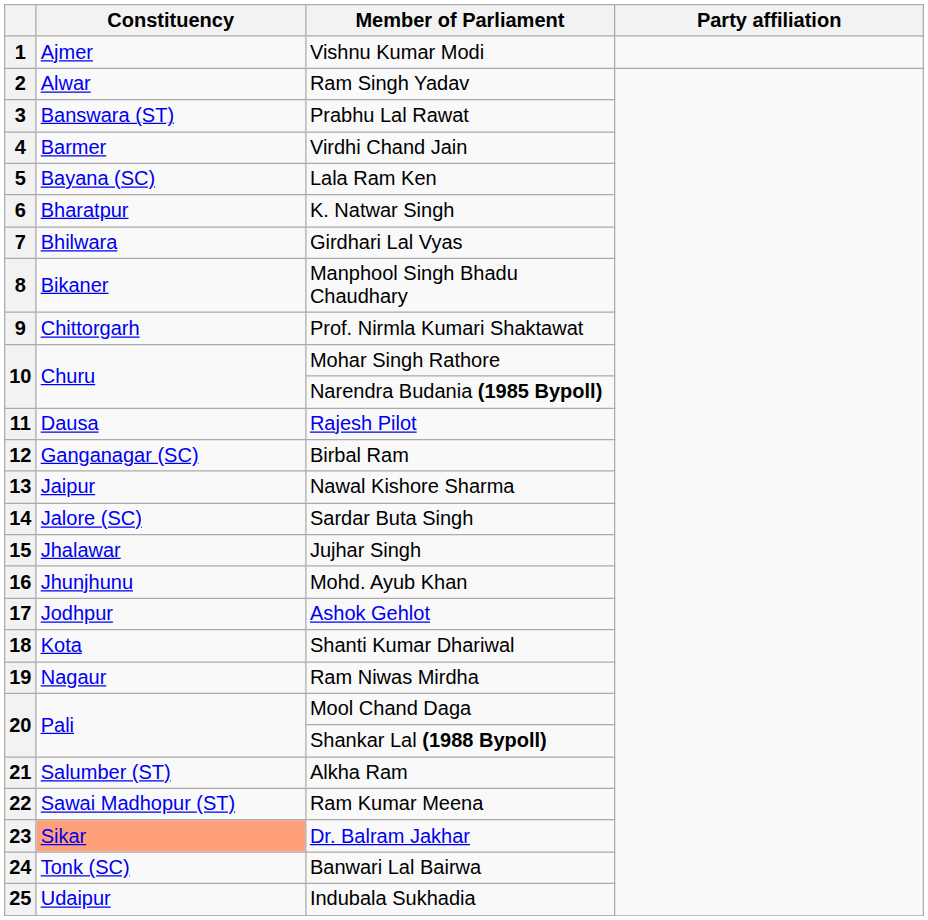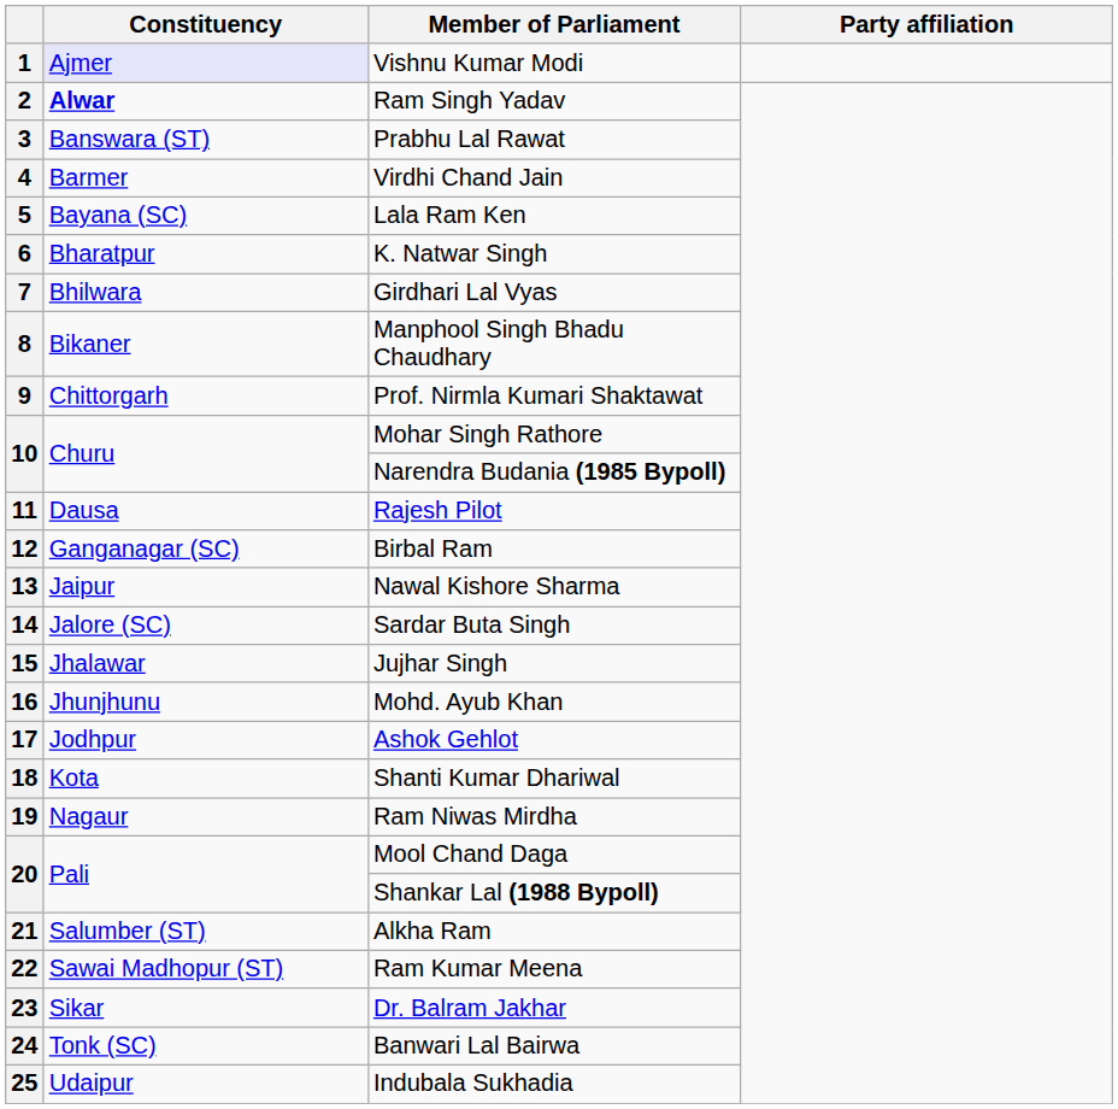 <table class="wikitable sortable">
 <tr style="text-align:center;">
 <th></th>
 <th style="width:13em">Constituency</th>
 <th style="width:15em">Member of Parliament</th>
 <th colspan="2" style="width:15em">Party affiliation</th>
 </tr>
 <tr>
 <th>1</th>
-<td><a href='#'>Ajmer</a></td>
+<td style="background: lavender;"><a href='#'>Ajmer</a></td>
 <td>Vishnu Kumar Modi</td>
 <td></td>
 </tr>
 <tr>
 <th>2</th>
-<td><a href='#'>Alwar</a></td>
+<td><strong><a href='#'>Alwar</a></strong></td>
 <td>Ram Singh Yadav</td>
 </tr>
 <tr>
 <th>3</th>
 <td><a href='#'>Banswara (ST)</a></td>
 <td>Prabhu Lal Rawat</td>
 </tr>
 <tr>
 <th>4</th>
 <td><a href='#'>Barmer</a></td>
 <td>Virdhi Chand Jain</td>
 </tr>
 <tr>
 <th>5</th>
 <td><a href='#'>Bayana (SC)</a></td>
 <td>Lala Ram Ken</td>
 </tr>
 <tr>
 <th>6</th>
 <td><a href='#'>Bharatpur</a></td>
 <td>K. Natwar Singh</td>
 </tr>
 <tr>
 <th>7</th>
 <td><a href='#'>Bhilwara</a></td>
 <td>Girdhari Lal Vyas</td>
 </tr>
 <tr>
 <th>8</th>
 <td><a href='#'>Bikaner</a></td>
 <td>Manphool Singh Bhadu Chaudhary</td>
 </tr>
 <tr>
 <th>9</th>
 <td><a href='#'>Chittorgarh</a></td>
 <td>Prof. Nirmla Kumari Shaktawat</td>
 </tr>
 <tr>
 <th rowspan=2>10</th>
 <td rowspan=2><a href='#'>Churu</a></td>
 <td>Mohar Singh Rathore</td>
 </tr>
 <tr>
 <td>Narendra Budania <strong>(1985 Bypoll)</strong></td>
 </tr>
 <tr>
 <th>11</th>
 <td><a href='#'>Dausa</a></td>
 <td><a href='#'>Rajesh Pilot</a></td>
 </tr>
 <tr>
 <th>12</th>
 <td><a href='#'>Ganganagar (SC)</a></td>
 <td>Birbal Ram</td>
 </tr>
 <tr>
 <th>13</th>
 <td><a href='#'>Jaipur</a></td>
 <td>Nawal Kishore Sharma</td>
 </tr>
 <tr>
 <th>14</th>
 <td><a href='#'>Jalore (SC)</a></td>
 <td>Sardar Buta Singh</td>
 </tr>
 <tr>
 <th>15</th>
 <td><a href='#'>Jhalawar</a></td>
 <td>Jujhar Singh</td>
 </tr>
 <tr>
 <th>16</th>
 <td><a href='#'>Jhunjhunu</a></td>
 <td>Mohd. Ayub Khan</td>
 </tr>
 <tr>
 <th>17</th>
 <td><a href='#'>Jodhpur</a></td>
 <td><a href='#'>Ashok Gehlot</a></td>
 </tr>
 <tr>
 <th>18</th>
 <td><a href='#'>Kota</a></td>
 <td>Shanti Kumar Dhariwal</td>
 </tr>
 <tr>
 <th>19</th>
 <td><a href='#'>Nagaur</a></td>
 <td>Ram Niwas Mirdha</td>
 </tr>
 <tr>
 <th rowspan=2>20</th>
 <td rowspan=2><a href='#'>Pali</a></td>
 <td>Mool Chand Daga</td>
 </tr>
 <tr>
 <td>Shankar Lal <strong>(1988 Bypoll)</strong></td>
 </tr>
 <tr>
 <th>21</th>
 <td><a href='#'>Salumber (ST)</a></td>
 <td>Alkha Ram</td>
 </tr>
 <tr>
 <th>22</th>
 <td><a href='#'>Sawai Madhopur (ST)</a></td>
 <td>Ram Kumar Meena</td>
 </tr>
 <tr>
 <th>23</th>
-<td style="background: lightsalmon;"><a href='#'>Sikar</a></td>
+<td><a href='#'>Sikar</a></td>
 <td><a href='#'>Dr. Balram Jakhar</a></td>
 </tr>
 <tr>
 <th>24</th>
 <td><a href='#'>Tonk (SC)</a></td>
 <td>Banwari Lal Bairwa</td>
 </tr>
 <tr>
 <th>25</th>
 <td><a href='#'>Udaipur</a></td>
 <td>Indubala Sukhadia</td>
 </tr>
 <tr>
 </tr>
 </table>
